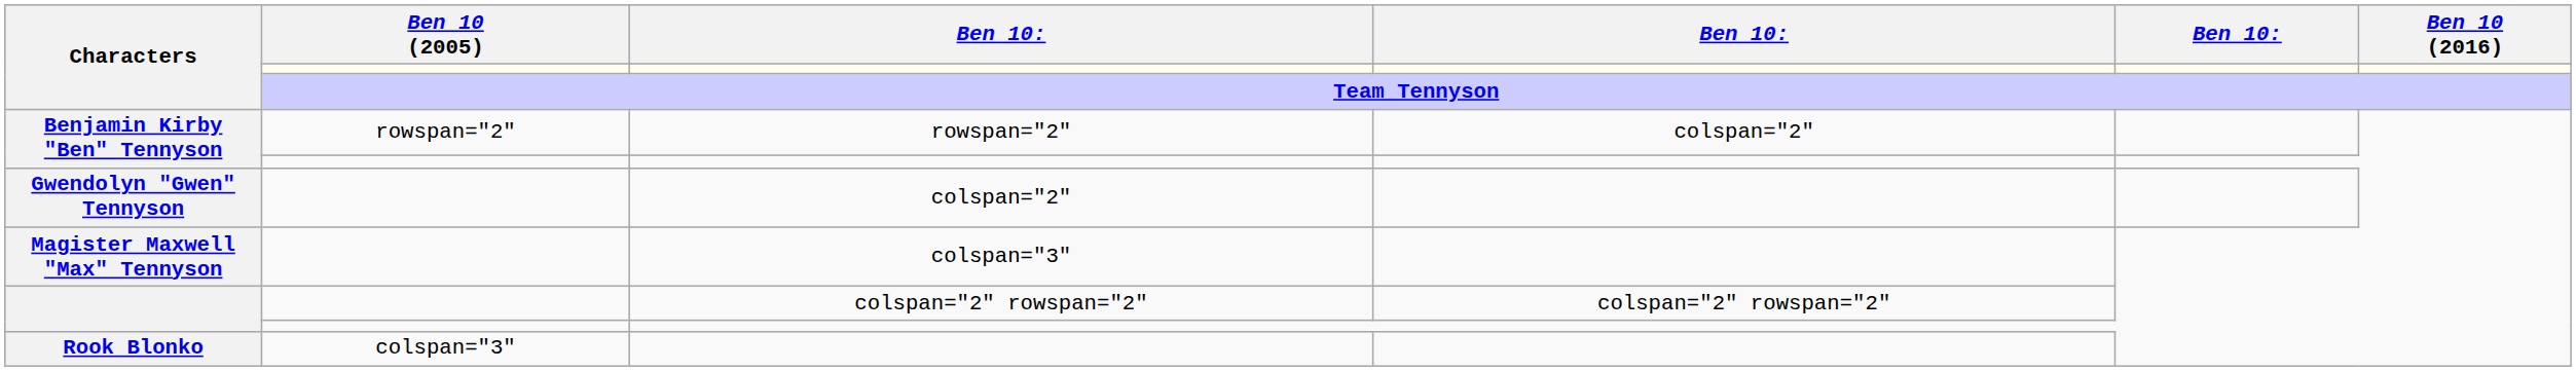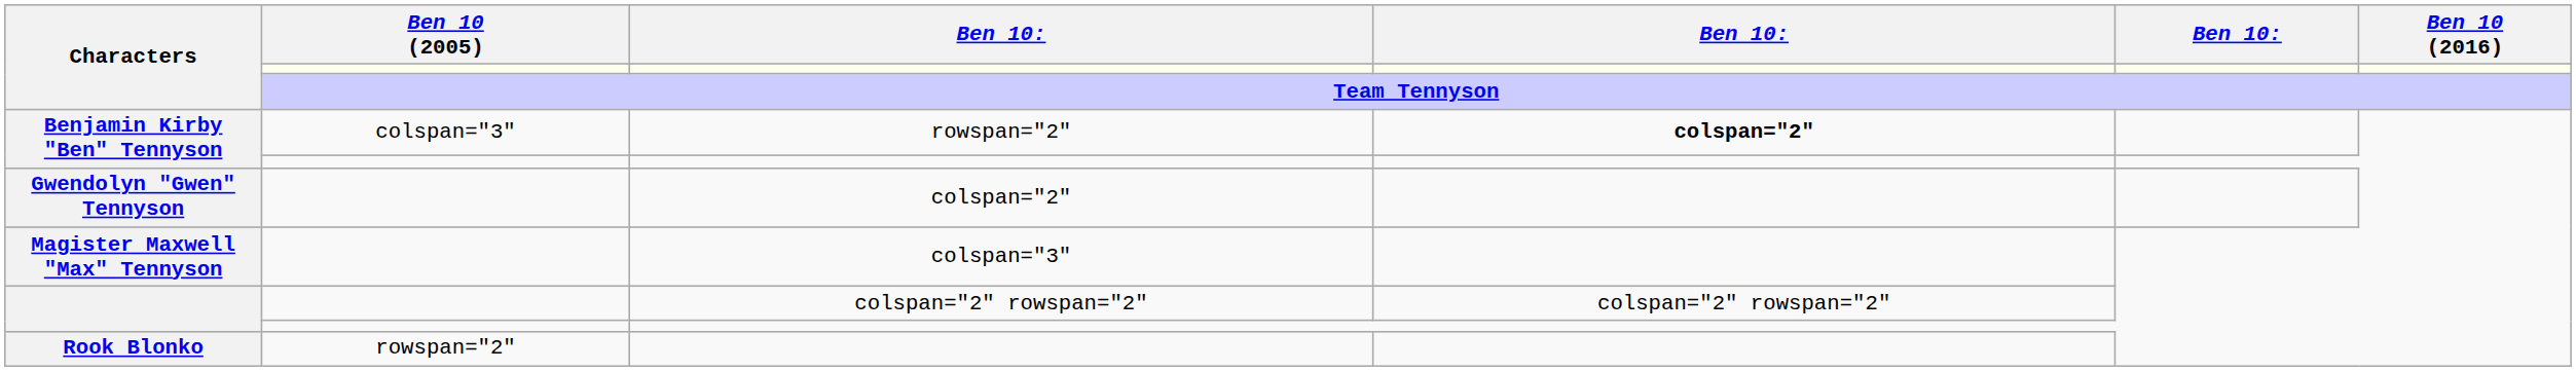 <table class="wikitable" style="text-align:center;">
 <tr>
 <th scope="col" rowspan="3" width="10%">Characters</th>
 <th scope="col"><a href='#'><em>Ben 10</em></a><br>(2005)</th>
 <th scope="col"><a href='#'><em>Ben 10:<br></em></a></th>
 <th scope="col"><a href='#'><em>Ben 10:<br></em></a></th>
 <th scope="col"><a href='#'><em>Ben 10:<br></em></a></th>
 <th scope="col"><a href='#'><em>Ben 10</em></a><br>(2016)</th>
 </tr>
 <tr>
 <th style="background:ivory;"></th>
 <th style="background:ivory;"></th>
 <th style="background:ivory;"></th>
 <th style="background:ivory;"></th>
 <th style="background:ivory;"></th>
 </tr>
 <tr>
 <th colspan="5" style="background-color:#ccccff;"><a href='#'>Team Tennyson</a></th>
 </tr>
 <tr>
 <th scope="row" rowspan="2"><a href='#'>Benjamin Kirby "Ben" Tennyson<br></a></th>
+<td>colspan="3" </td>
 <td>rowspan="2" </td>
-<td>rowspan="2" </td>
-<td>colspan="2" </td>
+<td><strong>colspan="2" </strong></td>
 <td></td>
 </tr>
 <tr>
 <td></td>
 <td></td>
 <td></td>
 </tr>
 <tr>
 <th scope="row"><a href='#'>Gwendolyn "Gwen" Tennyson<br></a></th>
 <td></td>
 <td>colspan="2" </td>
 <td></td>
 <td></td>
 </tr>
 <tr>
 <th scope="row"><a href='#'>Magister Maxwell "Max" Tennyson<br></a></th>
 <td></td>
 <td>colspan="3" </td>
 <td></td>
 </tr>
 <tr>
 <th scope="row" rowspan="2"><a href='#'><br></a></th>
 <td></td>
 <td>colspan="2" rowspan="2" </td>
 <td>colspan="2" rowspan="2" </td>
 </tr>
 <tr>
 <td></td>
 </tr>
 <tr>
 <th scope="row"><a href='#'>Rook Blonko</a></th>
-<td>colspan="3" </td>
+<td>rowspan="2" </td>
 <td></td>
 <td></td>
 </tr>
 </table>
